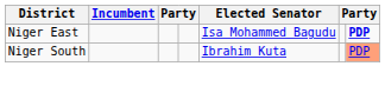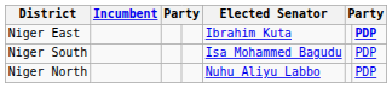 <table class="sortable wikitable" style="font-size:95%;line-height:14px;">
 <tr>
 <th class="unsortable">District</th>
 <th class="unsortable"><a href='#'>Incumbent</a></th>
 <th colspan="2">Party</th>
 <th class="unsortable">Elected Senator</th>
 <th colspan="2">Party</th>
 </tr>
 <tr>
 <td>Niger East</td>
 <td></td>
 <td></td>
 <td></td>
-<td><a href='#'>Isa Mohammed Bagudu</a></td>
+<td><a href='#'>Ibrahim Kuta</a></td>
 <td style="background:"></td>
 <td><strong><a href='#'>PDP</a></strong></td>
 </tr>
 <tr>
 <td>Niger South</td>
 <td></td>
 <td></td>
 <td></td>
-<td><a href='#'>Ibrahim Kuta</a></td>
+<td><a href='#'>Isa Mohammed Bagudu</a></td>
 <td style="background:"></td>
-<td style="background: lightsalmon;"><a href='#'>PDP</a></td>
+<td><a href='#'>PDP</a></td>
+</tr>
+<tr>
+<td>Niger North</td>
+<td></td>
+<td></td>
+<td></td>
+<td><a href='#'>Nuhu Aliyu Labbo</a></td>
+<td style="background:"></td>
+<td><a href='#'>PDP</a></td>
 </tr>
 </table>
